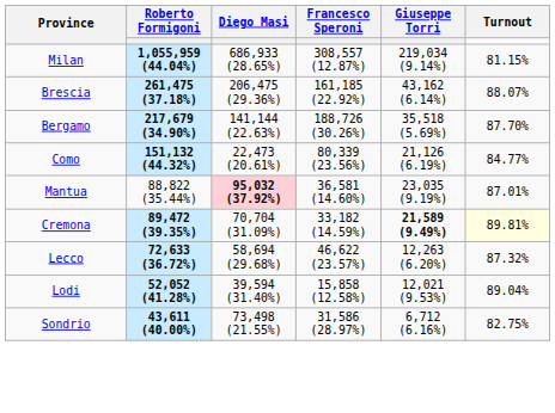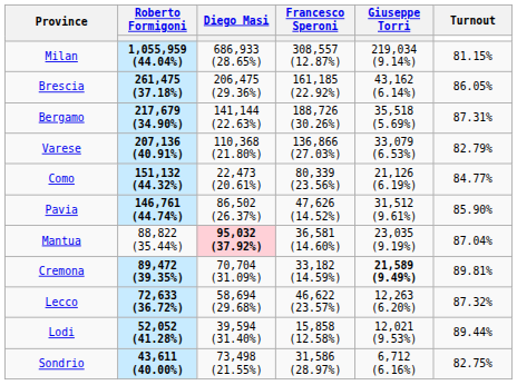 <table class="wikitable" style="text-align:center;font-size:85%;line-height:13px">
 <tr style="height:30px; background-color:#E9E9E9">
 <th style="width:110px;" rowspan="2">Province</th>
 <th style="width:75px;"><a href='#'>Roberto Formigoni</a></th>
 <th style="width:75px;"><a href='#'>Diego Masi</a></th>
 <th style="width:75px;"><a href='#'>Francesco Speroni</a></th>
 <th style="width:75px;"><a href='#'>Giuseppe Torri</a></th>
 <th style="width:75px;">Turnout</th>
 </tr>
 <tr>
 <th style="background:"></th>
 <th style="background:"></th>
 <th style="background:"></th>
 <th style="background:"></th>
 <th style="background:white;"></th>
 </tr>
 <tr>
 <td><a href='#'>Milan</a></td>
 <td style="background:#C8EBFF"><strong>1,055,959 (44.04%)</strong></td>
 <td>686,933 (28.65%)</td>
 <td>308,557 <br>(12.87%)</td>
 <td>219,034 <br>(9.14%)</td>
 <td>81.15%</td>
 </tr>
 <tr>
 <td><a href='#'>Brescia</a></td>
 <td style="background:#C8EBFF"><strong>261,475 (37.18%)</strong></td>
 <td>206,475 (29.36%)</td>
 <td>161,185 <br>(22.92%)</td>
 <td>43,162 <br>(6.14%)</td>
-<td>88.07%</td>
+<td>86.05%</td>
 </tr>
 <tr>
 <td><a href='#'>Bergamo</a></td>
 <td style="background:#C8EBFF"><strong>217,679 (34.90%)</strong></td>
 <td>141,144 (22.63%)</td>
 <td>188,726 (30.26%)</td>
 <td>35,518 <br>(5.69%)</td>
-<td>87.70%</td>
+<td>87.31%</td>
+</tr>
+<tr>
+<td><a href='#'>Varese</a></td>
+<td style="background:#C8EBFF"><strong>207,136 (40.91%)</strong></td>
+<td>110,368 (21.80%)</td>
+<td>136,866 (27.03%)</td>
+<td>33,079 <br>(6.53%)</td>
+<td>82.79%</td>
 </tr>
 <tr>
 <td><a href='#'>Como</a></td>
 <td style="background:#C8EBFF"><strong>151,132 (44.32%)</strong></td>
 <td>22,473 <br>(20.61%)</td>
 <td>80,339 <br>(23.56%)</td>
 <td>21,126 <br>(6.19%)</td>
 <td>84.77%</td>
 </tr>
 <tr>
+<td><a href='#'>Pavia</a></td>
+<td style="background:#C8EBFF"><strong>146,761 (44.74%)</strong></td>
+<td>86,502 <br>(26.37%)</td>
+<td>47,626 <br>(14.52%)</td>
+<td>31,512 <br>(9.61%)</td>
+<td>85.90%</td>
+</tr>
+<tr>
 <td><a href='#'>Mantua</a></td>
 <td>88,822 <br>(35.44%)</td>
 <td style="background:#FFD0D7"><strong>95,032 (37.92%)</strong></td>
 <td>36,581 <br>(14.60%)</td>
 <td>23,035 <br>(9.19%)</td>
-<td>87.01%</td>
+<td>87.04%</td>
 </tr>
 <tr>
 <td><a href='#'>Cremona</a></td>
 <td style="background:#C8EBFF"><strong>89,472 <br>(39.35%)</strong></td>
 <td>70,704 <br>(31.09%)</td>
 <td>33,182 <br>(14.59%)</td>
 <td><strong>21,589 <br>(9.49%)</strong></td>
-<td style="background: lightyellow;">89.81%</td>
+<td>89.81%</td>
 </tr>
 <tr>
 <td><a href='#'>Lecco</a></td>
 <td style="background:#C8EBFF"><strong>72,633 (36.72%)</strong></td>
 <td>58,694 <br>(29.68%)</td>
 <td>46,622 <br>(23.57%)</td>
 <td>12,263 <br>(6.20%)</td>
 <td>87.32%</td>
 </tr>
 <tr>
 <td><a href='#'>Lodi</a></td>
 <td style="background:#C8EBFF"><strong>52,052 <br>(41.28%)</strong></td>
 <td>39,594 <br>(31.40%)</td>
 <td>15,858 <br>(12.58%)</td>
 <td>12,021 <br>(9.53%)</td>
-<td>89.04%</td>
+<td>89.44%</td>
 </tr>
 <tr>
 <td><a href='#'>Sondrio</a></td>
 <td style="background:#C8EBFF"><strong>43,611 <br>(40.00%)</strong></td>
 <td>73,498 <br>(21.55%)</td>
 <td>31,586 <br>(28.97%)</td>
 <td>6,712 <br>(6.16%)</td>
 <td>82.75%</td>
 </tr>
 </table>
